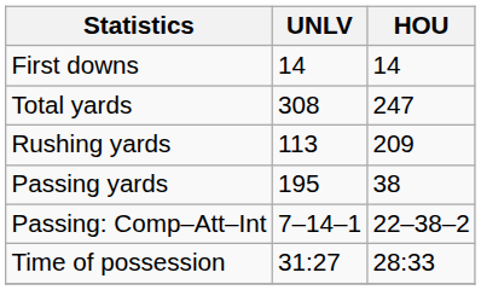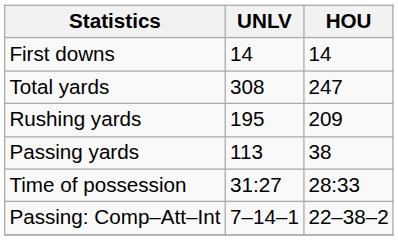 <table class="wikitable" style="float: left;">
 <tr>
 <th>Statistics</th>
 <th>UNLV</th>
 <th>HOU</th>
 </tr>
 <tr>
 <td>First downs</td>
 <td>14</td>
 <td>14</td>
 </tr>
 <tr>
 <td>Total yards</td>
 <td>308</td>
 <td>247</td>
 </tr>
 <tr>
 <td>Rushing yards</td>
-<td>113</td>
+<td>195</td>
 <td>209</td>
 </tr>
 <tr>
 <td>Passing yards</td>
-<td>195</td>
+<td>113</td>
 <td>38</td>
+</tr>
+<tr>
+<td>Time of possession</td>
+<td>31:27</td>
+<td>28:33</td>
 </tr>
 <tr>
 <td>Passing: Comp–Att–Int</td>
 <td>7–14–1</td>
 <td>22–38–2</td>
 </tr>
 <tr>
-<td>Time of possession</td>
-<td>31:27</td>
-<td>28:33</td>
-</tr>
-<tr>
 </tr>
 </table>
